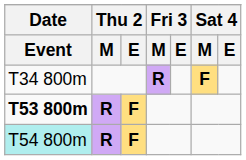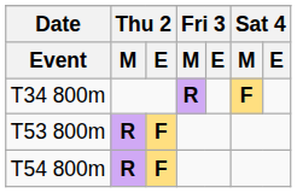 <table class="wikitable" style="margin:0.5em auto; font-size:90%; line-height:1.25em;">
 <tr align="center">
 </tr>
 <tr>
 <th>Date</th>
 <th colspan="2">Thu 2</th>
 <th colspan="2">Fri 3</th>
 <th colspan="2">Sat 4</th>
 </tr>
 <tr>
 <th>Event</th>
 <th>M</th>
 <th>E</th>
 <th>M</th>
 <th>E</th>
 <th>M</th>
 <th>E</th>
 </tr>
 <tr align="center">
 <td align="left">T34 800m</td>
 <td colspan="2"></td>
 <td bgcolor="#D0A9F5"><strong>R</strong></td>
 <td></td>
 <td bgcolor="#FFDF80"><strong>F</strong></td>
 <td></td>
 </tr>
 <tr align="center">
-<td align="left"><strong>T53 800m</strong></td>
+<td align="left">T53 800m</td>
 <td bgcolor="#D0A9F5"><strong>R</strong></td>
 <td bgcolor="#FFDF80"><strong>F</strong></td>
 <td colspan="2"></td>
 <td colspan="2"></td>
 </tr>
 <tr align="center">
-<td align="left" style="background: paleturquoise;">T54 800m</td>
+<td align="left">T54 800m</td>
 <td bgcolor="#D0A9F5"><strong>R</strong></td>
 <td bgcolor="#FFDF80"><strong>F</strong></td>
 <td colspan="2"></td>
 <td colspan="2"></td>
 </tr>
 </table>
